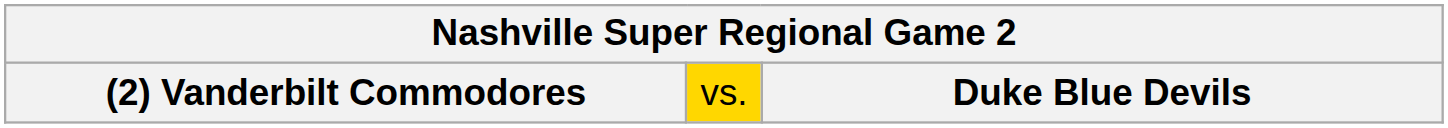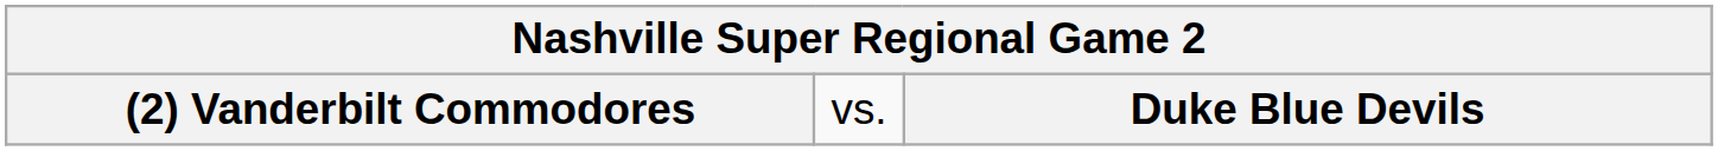 <table class="wikitable">
 <tr>
 <th style="width: 604px;" colspan=3>Nashville Super Regional Game 2</th>
 </tr>
 <tr>
 <th style="width: 289px; ">(2) Vanderbilt Commodores</th>
-<td style="background: gold; width: 25px; text-align:center">vs.</td>
+<td style="width: 25px; text-align:center">vs.</td>
 <th style="width: 289px; ">Duke Blue Devils</th>
 </tr>
 </table>
